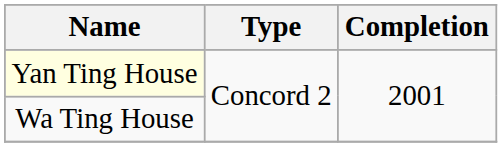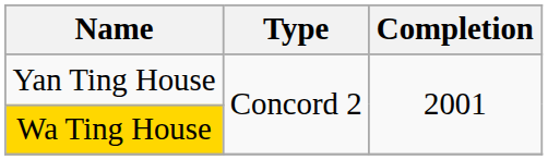 <table class="wikitable" style="text-align: center">
 <tr>
 <th>Name</th>
 <th>Type</th>
 <th>Completion</th>
 </tr>
 <tr>
-<td style="background: lightyellow;">Yan Ting House</td>
+<td>Yan Ting House</td>
 <td rowspan="2">Concord 2</td>
 <td rowspan="2">2001</td>
 </tr>
 <tr>
-<td>Wa Ting House</td>
+<td style="background: gold;">Wa Ting House</td>
 </tr>
 <tr>
 </tr>
 </table>
